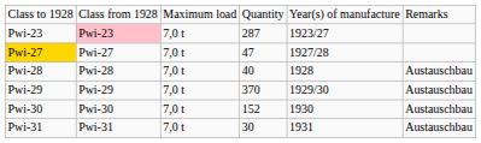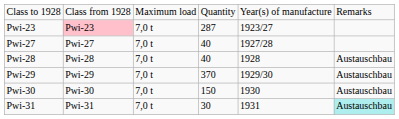 <table class="wikitable">
 <tr>
 <td>Class to 1928</td>
 <td>Class from 1928</td>
 <td>Maximum load</td>
 <td>Quantity</td>
 <td>Year(s) of manufacture</td>
 <td>Remarks</td>
 </tr>
 <tr>
 <td>Pwi-23</td>
 <td style="background: pink;">Pwi-23</td>
 <td>7,0 t</td>
 <td>287</td>
 <td>1923/27</td>
 <td></td>
 </tr>
 <tr>
-<td style="background: gold;">Pwi-27</td>
+<td>Pwi-27</td>
 <td>Pwi-27</td>
 <td>7,0 t</td>
-<td>47</td>
+<td>40</td>
 <td>1927/28</td>
 <td></td>
 </tr>
 <tr>
 <td>Pwi-28</td>
 <td>Pwi-28</td>
 <td>7,0 t</td>
 <td>40</td>
 <td>1928</td>
 <td>Austauschbau</td>
 </tr>
 <tr>
 <td>Pwi-29</td>
 <td>Pwi-29</td>
 <td>7,0 t</td>
 <td>370</td>
 <td>1929/30</td>
 <td>Austauschbau</td>
 </tr>
 <tr>
 <td>Pwi-30</td>
 <td>Pwi-30</td>
 <td>7,0 t</td>
-<td>152</td>
+<td>150</td>
 <td>1930</td>
 <td>Austauschbau</td>
 </tr>
 <tr>
 <td>Pwi-31</td>
 <td>Pwi-31</td>
 <td>7,0 t</td>
 <td>30</td>
 <td>1931</td>
-<td>Austauschbau</td>
+<td style="background: paleturquoise;">Austauschbau</td>
 </tr>
 </table>
